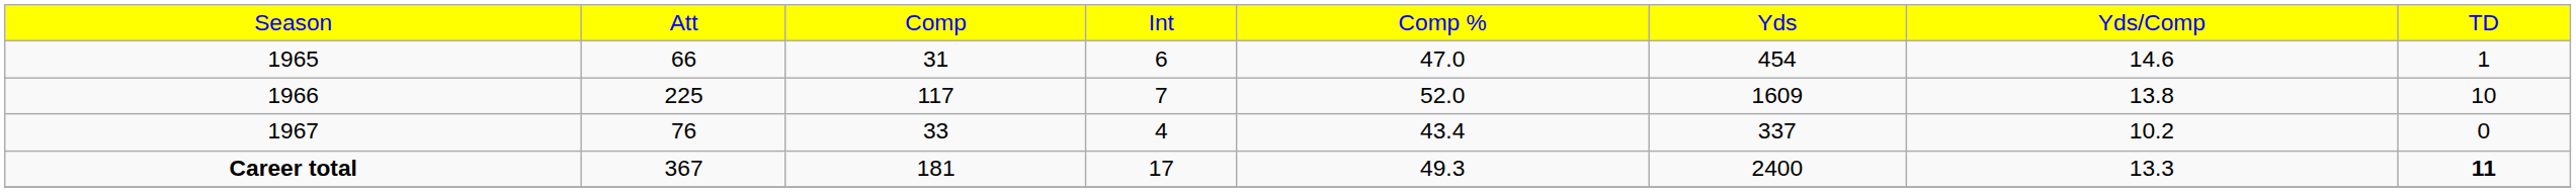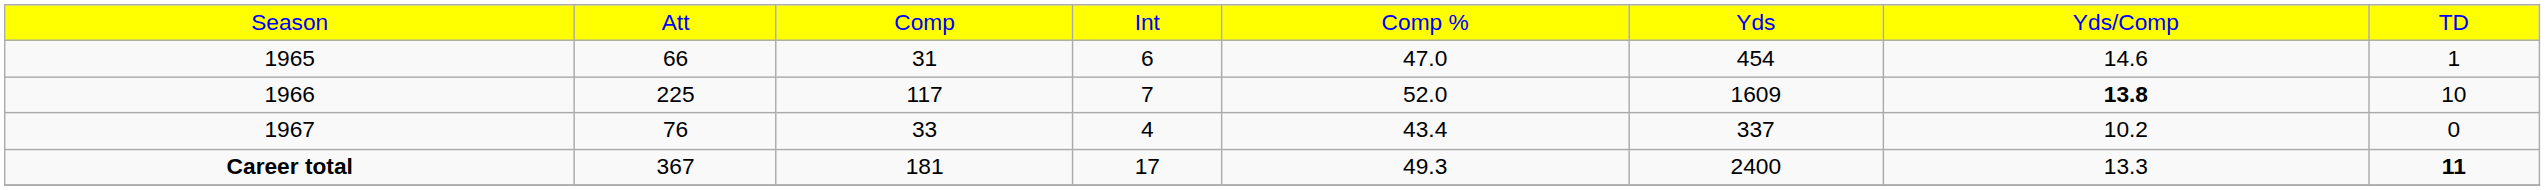 <table class="wikitable" width="90%">
 <tr align="center"  style="background:yellow;color:blue;">
 <td>Season</td>
 <td>Att</td>
 <td>Comp</td>
 <td>Int</td>
 <td>Comp %</td>
 <td>Yds</td>
 <td>Yds/Comp</td>
 <td>TD</td>
 </tr>
 <tr align="center" bgcolor="">
 <td>1965</td>
 <td>66</td>
 <td>31</td>
 <td>6</td>
 <td>47.0</td>
 <td>454</td>
 <td>14.6</td>
 <td>1</td>
 </tr>
 <tr align="center" bgcolor="">
 <td>1966</td>
 <td>225</td>
 <td>117</td>
 <td>7</td>
 <td>52.0</td>
 <td>1609</td>
-<td>13.8</td>
+<td><strong>13.8</strong></td>
 <td>10</td>
 </tr>
 <tr align="center" bgcolor="">
 <td>1967</td>
 <td>76</td>
 <td>33</td>
 <td>4</td>
 <td>43.4</td>
 <td>337</td>
 <td>10.2</td>
 <td>0</td>
 </tr>
 <tr align="center" bgcolor="">
 <td><strong>Career total</strong></td>
 <td>367</td>
 <td>181</td>
 <td>17</td>
 <td>49.3</td>
 <td>2400</td>
 <td>13.3</td>
 <td><strong>11</strong></td>
 </tr>
 <tr align="center" bgcolor="">
 </tr>
 </table>
